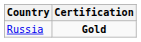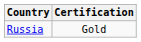 <table class="wikitable">
 <tr>
 <th align="left">Country</th>
 <th align="left">Certification</th>
 </tr>
 <tr>
 <td style="text-align:left;"><a href='#'>Russia</a></td>
-<td style="text-align:center;"><strong>Gold</strong></td>
+<td style="text-align:center;">Gold</td>
 </tr>
 </table>
